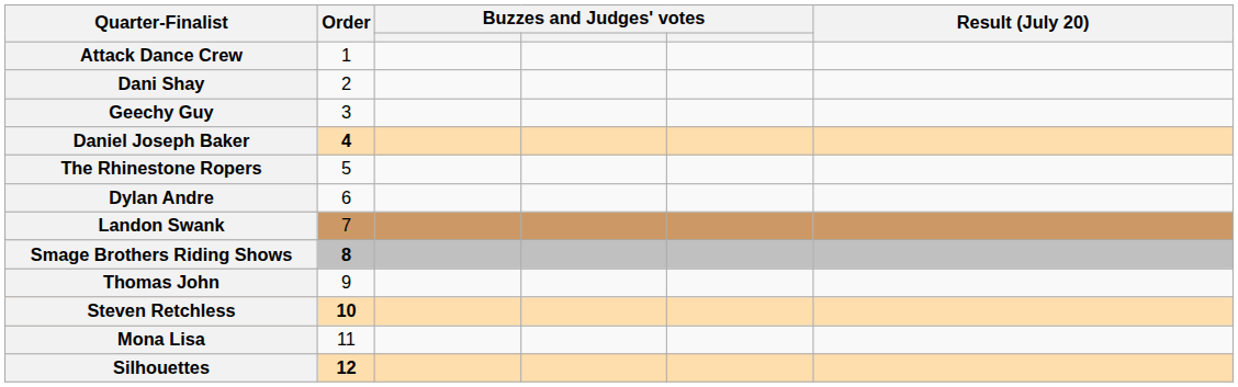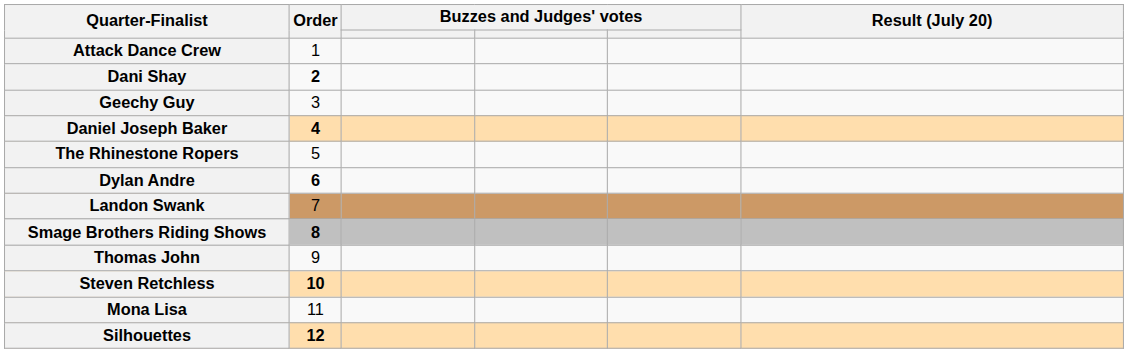 <table class="wikitable plainrowheaders sortable" style="text-align:center;">
 <tr>
 <th scope="col" rowspan="2" class="unsortable" style="width:17em;">Quarter-Finalist</th>
 <th scope="col" rowspan="2" style="width:1em;">Order</th>
 <th scope="col" colspan="3" class="unsortable" style="width:24em;">Buzzes and Judges' votes</th>
 <th scope="col" rowspan="2" style="width:23em;">Result (July 20)</th>
 </tr>
 <tr>
 <th scope="col" class="unsortable" style="width:6em;"></th>
 <th scope="col" class="unsortable" style="width:6em;"></th>
 <th scope="col" class="unsortable" style="width:6em;"></th>
 </tr>
 <tr>
 <th scope="row">Attack Dance Crew</th>
 <td>1</td>
 <td style="text-align:center;"></td>
 <td style="text-align:center;"></td>
 <td style="text-align:center;"></td>
 <td></td>
 </tr>
 <tr>
 <th scope="row">Dani Shay</th>
-<td>2</td>
+<td><strong>2</strong></td>
 <td style="text-align:center;"></td>
 <td style="text-align:center;"></td>
 <td style="text-align:center;"></td>
 <td></td>
 </tr>
 <tr>
 <th scope="row">Geechy Guy</th>
 <td>3</td>
 <td style="text-align:center;"></td>
 <td style="text-align:center;"></td>
 <td style="text-align:center;"></td>
 <td></td>
 </tr>
 <tr style="background:NavajoWhite;">
 <th scope="row"><strong>Daniel Joseph Baker</strong></th>
 <td><strong>4</strong></td>
 <td style="text-align:center;"></td>
 <td style="text-align:center;"></td>
 <td style="text-align:center;"></td>
 <td><strong></strong></td>
 </tr>
 <tr>
 <th scope="row">The Rhinestone Ropers</th>
 <td>5</td>
 <td style="text-align:center;"></td>
 <td style="text-align:center;"></td>
 <td style="text-align:center;"></td>
 <td></td>
 </tr>
 <tr>
 <th scope="row">Dylan Andre</th>
-<td>6</td>
+<td><strong>6</strong></td>
 <td style="text-align:center;"></td>
 <td style="text-align:center;"></td>
 <td style="text-align:center;"></td>
 <td></td>
 </tr>
 <tr style="background:#c96;">
 <th scope="row">Landon Swank</th>
 <td>7</td>
 <td style="text-align:center;"></td>
 <td style="text-align:center;"></td>
 <td style="text-align:center;"></td>
 <td></td>
 </tr>
 <tr style="background:Silver;">
 <th scope="row"><strong>Smage Brothers Riding Shows</strong></th>
 <td><strong>8</strong></td>
 <td style="text-align:center;"></td>
 <td style="text-align:center;"></td>
 <td style="text-align:center;"></td>
 <td><strong></strong></td>
 </tr>
 <tr>
 <th scope="row">Thomas John</th>
 <td>9</td>
 <td style="text-align:center;"></td>
 <td style="text-align:center;"></td>
 <td style="text-align:center;"></td>
 <td></td>
 </tr>
 <tr style="background:NavajoWhite;">
 <th scope="row"><strong>Steven Retchless</strong></th>
 <td><strong>10</strong></td>
 <td style="text-align:center;"></td>
 <td style="text-align:center;"></td>
 <td style="text-align:center;"></td>
 <td><strong></strong></td>
 </tr>
 <tr>
 <th scope="row">Mona Lisa</th>
 <td>11</td>
 <td style="text-align:center;"></td>
 <td style="text-align:center;"></td>
 <td style="text-align:center;"></td>
 <td></td>
 </tr>
 <tr style="background:NavajoWhite;">
 <th scope="row"><strong>Silhouettes</strong></th>
 <td><strong>12</strong></td>
 <td style="text-align:center;"></td>
 <td style="text-align:center;"></td>
 <td style="text-align:center;"></td>
 <td><strong></strong></td>
 </tr>
 </table>
